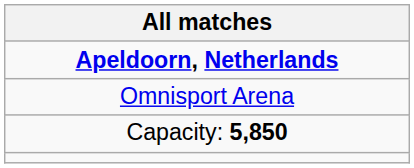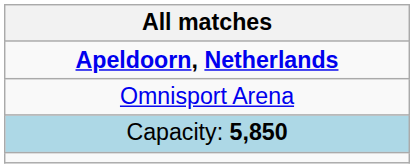 <table class="wikitable" style="text-align:center" width=280>
 <tr>
 <th>All matches</th>
 </tr>
 <tr>
 <td> <strong><a href='#'>Apeldoorn</a>, <a href='#'>Netherlands</a></strong></td>
 </tr>
 <tr>
 <td><a href='#'>Omnisport Arena</a></td>
 </tr>
 <tr>
-<td>Capacity: <strong>5,850</strong></td>
+<td style="background: lightblue;">Capacity: <strong>5,850</strong></td>
 </tr>
 <tr>
 <td></td>
 </tr>
 </table>
